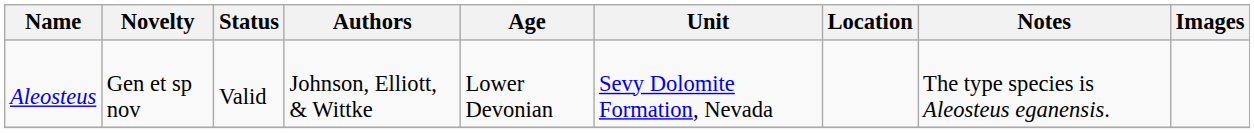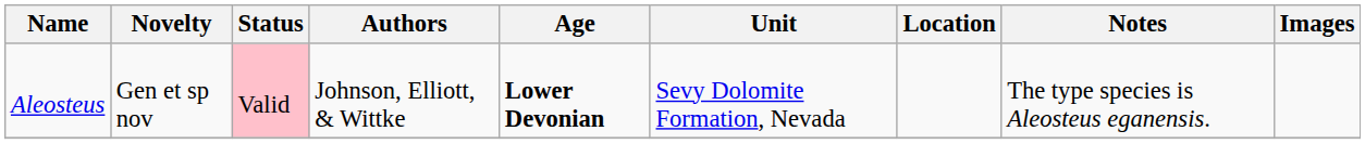 <table class="wikitable sortable" align="center" width="100%">
 <tr>
 <th>Name</th>
 <th>Novelty</th>
 <th>Status</th>
 <th>Authors</th>
 <th>Age</th>
 <th>Unit</th>
 <th>Location</th>
 <th>Notes</th>
 <th>Images</th>
 </tr>
 <tr>
 <td><br><em><a href='#'>Aleosteus</a></em></td>
 <td><br>Gen et sp nov</td>
-<td><br>Valid</td>
+<td style="background: pink;"><br>Valid</td>
 <td><br>Johnson, Elliott, & Wittke</td>
-<td><br>Lower Devonian</td>
+<td><strong><br>Lower Devonian</strong></td>
 <td><br><a href='#'>Sevy Dolomite Formation</a>, Nevada</td>
 <td><br></td>
 <td><br>The type species is <em>Aleosteus eganensis</em>.</td>
 <td></td>
 </tr>
 <tr>
 </tr>
 </table>
